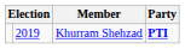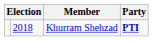 <table class="wikitable">
 <tr>
 <th colspan="2">Election</th>
 <th>Member</th>
 <th>Party</th>
 </tr>
 <tr>
 <td style="background-color: "></td>
-<td><a href='#'>2019</a></td>
+<td><a href='#'>2018</a></td>
 <td><a href='#'>Khurram Shehzad</a></td>
 <td><strong><a href='#'>PTI</a></strong></td>
 </tr>
 </table>
